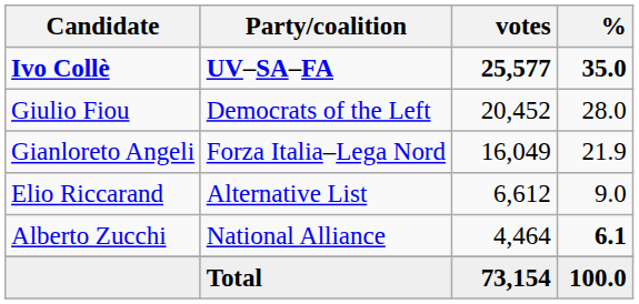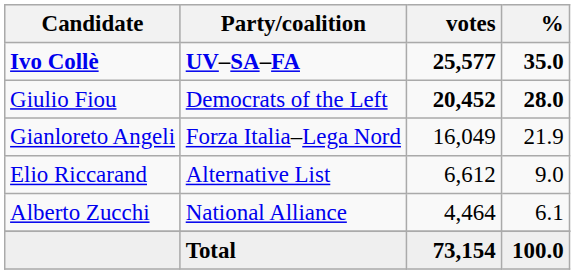 <table class="wikitable" style="font-size:95%">
 <tr bgcolor="EFEFEF">
 <th>Candidate</th>
 <th>Party/coalition</th>
 <th>      votes</th>
 <th>      %</th>
 </tr>
 <tr>
 <td><strong><a href='#'>Ivo Collè</a></strong></td>
 <td><strong><a href='#'>UV</a>–<a href='#'>SA</a>–<a href='#'>FA</a></strong></td>
 <td align=right><strong>25,577</strong></td>
 <td align=right><strong>35.0</strong></td>
 </tr>
 <tr>
 <td><a href='#'>Giulio Fiou</a></td>
 <td><a href='#'>Democrats of the Left</a></td>
-<td align=right>20,452</td>
-<td align=right>28.0</td>
+<td align=right><strong>20,452</strong></td>
+<td align=right><strong>28.0</strong></td>
 </tr>
 <tr>
 <td><a href='#'>Gianloreto Angeli</a></td>
 <td><a href='#'>Forza Italia</a>–<a href='#'>Lega Nord</a></td>
 <td align=right>16,049</td>
 <td align=right>21.9</td>
 </tr>
 <tr>
 <td><a href='#'>Elio Riccarand</a></td>
 <td><a href='#'>Alternative List</a></td>
 <td align=right>6,612</td>
 <td align=right>9.0</td>
 </tr>
 <tr>
 <td><a href='#'>Alberto Zucchi</a></td>
 <td><a href='#'>National Alliance</a></td>
 <td align=right>4,464</td>
-<td align=right><strong>6.1</strong></td>
+<td align=right>6.1</td>
 </tr>
 <tr>
 </tr>
 <tr bgcolor="EFEFEF">
 <td></td>
 <td><strong>Total</strong></td>
 <td align=right><strong>73,154</strong></td>
 <td align=right><strong>100.0</strong></td>
 </tr>
 </table>
